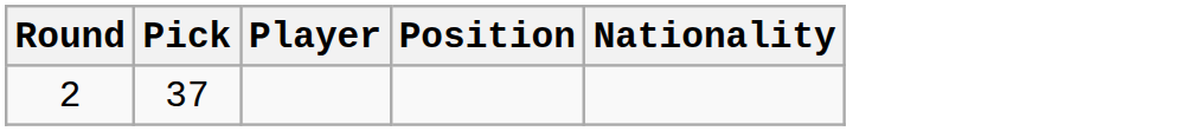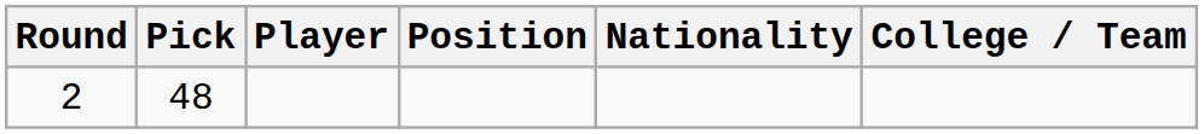 <table class="wikitable sortable sortable">
 <tr>
 <th>Round</th>
 <th>Pick</th>
 <th>Player</th>
 <th>Position</th>
 <th>Nationality</th>
+<th>College / Team</th>
 </tr>
 <tr style="text-align: center">
 <td>2</td>
-<td>37</td>
+<td>48</td>
+<td></td>
 <td></td>
 <td></td>
 <td></td>
 </tr>
 </table>
